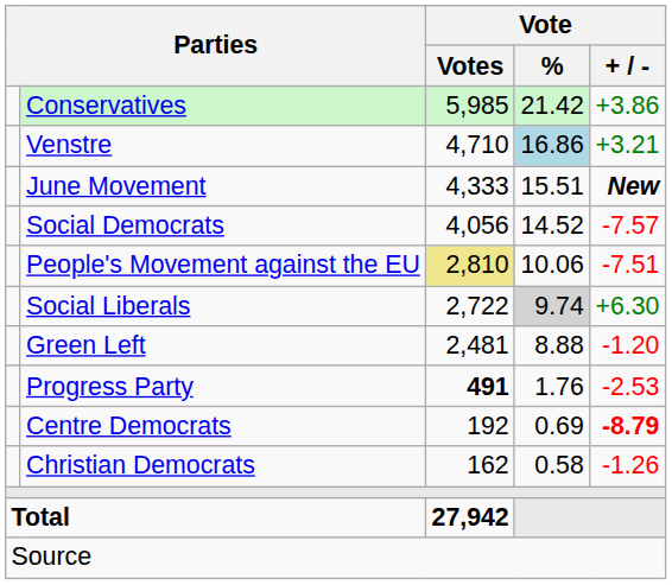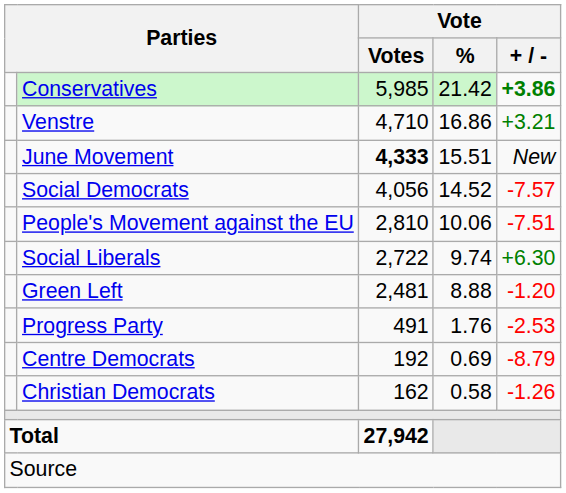 <table class="wikitable" style="text-align:right;">
 <tr>
 <th style="text-align:centre;" rowspan="2" colspan="2" width="225">Parties</th>
 <th colspan="3">Vote</th>
 </tr>
 <tr>
 <th width="15">Votes</th>
 <th width="15">%</th>
 <th width="15">+ / -</th>
 </tr>
 <tr>
 <td width="2" style="color:inherit;background:"></td>
 <td bgcolor=#ccf7cc   align="left"><a href='#'>Conservatives</a></td>
 <td bgcolor=#ccf7cc>5,985</td>
 <td bgcolor=#ccf7cc>21.42</td>
-<td style=color:green;>+3.86</td>
+<td style=color:green;><strong>+3.86</strong></td>
 </tr>
 <tr>
 <td width="2" style="color:inherit;background:"></td>
 <td align="left"><a href='#'>Venstre</a></td>
 <td>4,710</td>
-<td style="background: lightblue;">16.86</td>
+<td>16.86</td>
 <td style=color:green;>+3.21</td>
 </tr>
 <tr>
 <td width="2" style="color:inherit;background:"></td>
 <td align="left"><a href='#'>June Movement</a></td>
-<td>4,333</td>
+<td><strong>4,333</strong></td>
 <td>15.51</td>
-<td><strong><em>New</em></strong></td>
+<td><em>New</em></td>
 </tr>
 <tr>
 <td width="2" style="color:inherit;background:"></td>
 <td align="left"><a href='#'>Social Democrats</a></td>
 <td>4,056</td>
 <td>14.52</td>
 <td style=color:red;>-7.57</td>
 </tr>
 <tr>
 <td width="2" style="color:inherit;background:"></td>
 <td align="left"><a href='#'>People's Movement against the EU</a></td>
-<td style="background: khaki;">2,810</td>
+<td>2,810</td>
 <td>10.06</td>
 <td style=color:red;>-7.51</td>
 </tr>
 <tr>
 <td width="2" style="color:inherit;background:"></td>
 <td align="left"><a href='#'>Social Liberals</a></td>
 <td>2,722</td>
-<td style="background: lightgrey;">9.74</td>
+<td>9.74</td>
 <td style=color:green;>+6.30</td>
 </tr>
 <tr>
 <td width="2" style="color:inherit;background:"></td>
 <td align="left"><a href='#'>Green Left</a></td>
 <td>2,481</td>
 <td>8.88</td>
 <td style=color:red;>-1.20</td>
 </tr>
 <tr>
 <td width="2" style="color:inherit;background:"></td>
 <td align="left"><a href='#'>Progress Party</a></td>
-<td><strong>491</strong></td>
+<td>491</td>
 <td>1.76</td>
 <td style=color:red;>-2.53</td>
 </tr>
 <tr>
 <td width="2" style="color:inherit;background:"></td>
 <td align="left"><a href='#'>Centre Democrats</a></td>
 <td>192</td>
 <td>0.69</td>
-<td style=color:red;><strong>-8.79</strong></td>
+<td style=color:red;>-8.79</td>
 </tr>
 <tr>
 <td width="2" style="color:inherit;background:"></td>
 <td align="left"><a href='#'>Christian Democrats</a></td>
 <td>162</td>
 <td>0.58</td>
 <td style=color:red;>-1.26</td>
 </tr>
 <tr>
 <td colspan="7" bgcolor="#E9E9E9"></td>
 </tr>
 <tr>
 <td align="left" colspan="2"><strong>Total</strong></td>
 <td><strong>27,942</strong></td>
 <td bgcolor="#E9E9E9" colspan="2"></td>
 </tr>
 <tr>
 <td align="left" colspan="6">Source</td>
 </tr>
 </table>
